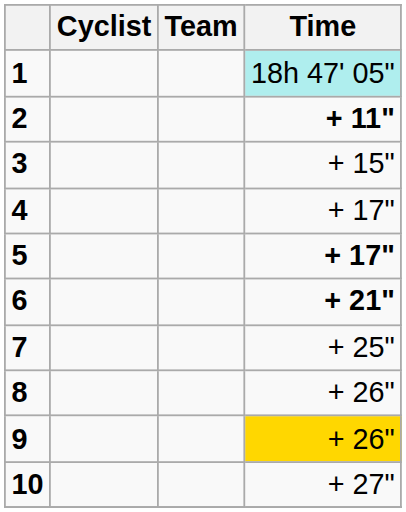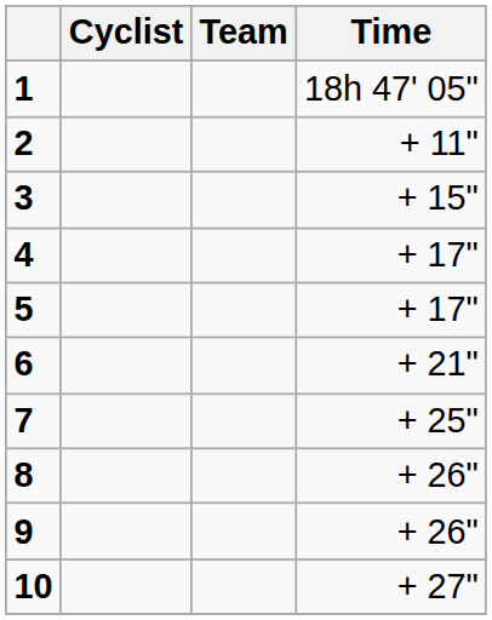 <table class="wikitable">
 <tr>
 <th></th>
 <th>Cyclist</th>
 <th>Team</th>
 <th>Time</th>
 </tr>
 <tr>
 <td><strong>1</strong></td>
 <td> </td>
 <td></td>
-<td align=right style="background: paleturquoise;">18h 47' 05"</td>
+<td align=right>18h 47' 05"</td>
 </tr>
 <tr>
 <td><strong>2</strong></td>
 <td></td>
 <td></td>
-<td align=right><strong>+ 11"</strong></td>
+<td align=right>+ 11"</td>
 </tr>
 <tr>
 <td><strong>3</strong></td>
 <td></td>
 <td></td>
 <td align=right>+ 15"</td>
 </tr>
 <tr>
 <td><strong>4</strong></td>
 <td></td>
 <td></td>
 <td align=right>+ 17"</td>
 </tr>
 <tr>
 <td><strong>5</strong></td>
 <td></td>
 <td></td>
-<td align=right><strong>+ 17"</strong></td>
+<td align=right>+ 17"</td>
 </tr>
 <tr>
 <td><strong>6</strong></td>
 <td></td>
 <td></td>
-<td align=right><strong>+ 21"</strong></td>
+<td align=right>+ 21"</td>
 </tr>
 <tr>
 <td><strong>7</strong></td>
 <td></td>
 <td></td>
 <td align=right>+ 25"</td>
 </tr>
 <tr>
 <td><strong>8</strong></td>
 <td> </td>
 <td></td>
 <td align=right>+ 26"</td>
 </tr>
 <tr>
 <td><strong>9</strong></td>
 <td></td>
 <td></td>
-<td align=right style="background: gold;">+ 26"</td>
+<td align=right>+ 26"</td>
 </tr>
 <tr>
 <td><strong>10</strong></td>
 <td></td>
 <td></td>
 <td align=right>+ 27"</td>
 </tr>
 <tr>
 </tr>
 </table>
